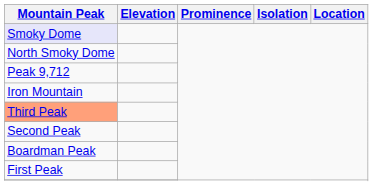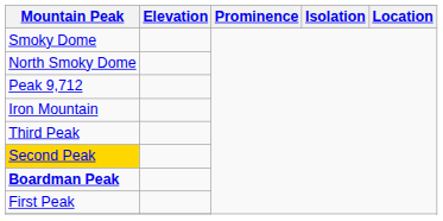 <table class="wikitable sortable">
 <tr>
 <th><a href='#'>Mountain Peak</a></th>
 <th><a href='#'>Elevation</a></th>
 <th><a href='#'>Prominence</a></th>
 <th><a href='#'>Isolation</a></th>
 <th><a href='#'>Location</a></th>
 </tr>
 <tr>
-<td style="background: lavender;"><a href='#'>Smoky Dome</a><br></td>
+<td><a href='#'>Smoky Dome</a><br></td>
 <td></td>
 </tr>
 <tr>
 <td><a href='#'>North Smoky Dome</a><br></td>
 <td></td>
 </tr>
 <tr>
 <td><a href='#'>Peak 9,712</a><br></td>
 <td></td>
 </tr>
 <tr>
 <td><a href='#'>Iron Mountain</a><br></td>
 <td></td>
 </tr>
 <tr>
-<td style="background: lightsalmon;"><a href='#'>Third Peak</a><br></td>
+<td><a href='#'>Third Peak</a><br></td>
 <td></td>
 </tr>
 <tr>
-<td><a href='#'>Second Peak</a><br></td>
+<td style="background: gold;"><a href='#'>Second Peak</a><br></td>
 <td></td>
 </tr>
 <tr>
-<td><a href='#'>Boardman Peak</a><br></td>
+<td><strong><a href='#'>Boardman Peak</a><br></strong></td>
 <td></td>
 </tr>
 <tr>
 <td><a href='#'>First Peak</a><br></td>
 <td></td>
 </tr>
 <tr>
 </tr>
 </table>
